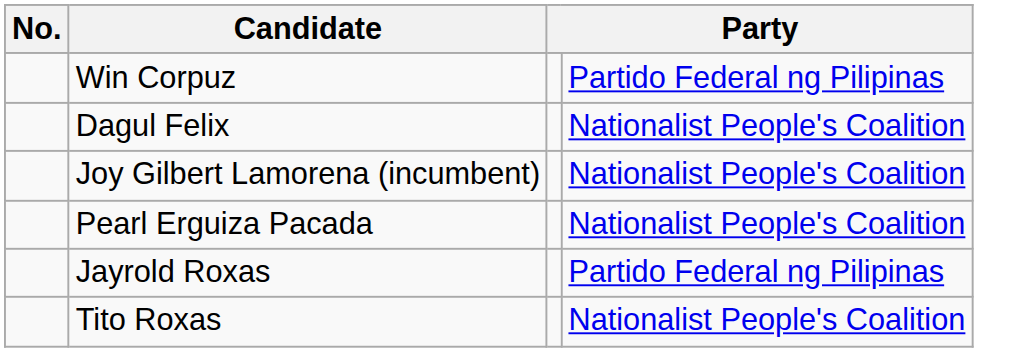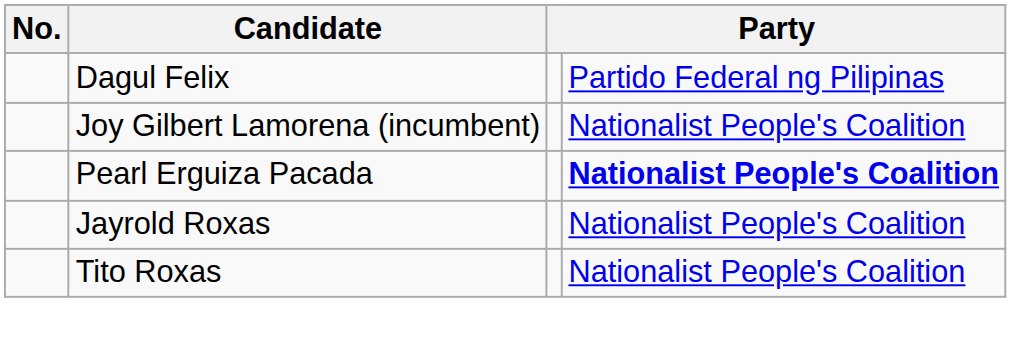 <table class="wikitable sortable" style="text-align:left;">
 <tr>
 <th>No.</th>
 <th>Candidate</th>
 <th colspan="2">Party</th>
 </tr>
 <tr>
 <td></td>
-<td>Win Corpuz</td>
+<td>Dagul Felix</td>
 <td></td>
 <td><a href='#'>Partido Federal ng Pilipinas</a></td>
-</tr>
-<tr>
-<td></td>
-<td>Dagul Felix</td>
-<td></td>
-<td><a href='#'>Nationalist People's Coalition</a></td>
 </tr>
 <tr>
 <td></td>
 <td>Joy Gilbert Lamorena (incumbent)</td>
 <td></td>
 <td><a href='#'>Nationalist People's Coalition</a></td>
 </tr>
 <tr>
 <td></td>
 <td>Pearl Erguiza Pacada</td>
 <td></td>
-<td><a href='#'>Nationalist People's Coalition</a></td>
+<td><strong><a href='#'>Nationalist People's Coalition</a></strong></td>
 </tr>
 <tr>
 <td></td>
 <td>Jayrold Roxas</td>
 <td></td>
-<td><a href='#'>Partido Federal ng Pilipinas</a></td>
+<td><a href='#'>Nationalist People's Coalition</a></td>
 </tr>
 <tr>
 <td></td>
 <td>Tito Roxas</td>
 <td></td>
 <td><a href='#'>Nationalist People's Coalition</a></td>
 </tr>
 </table>
